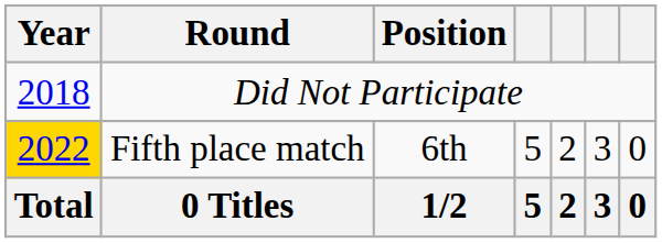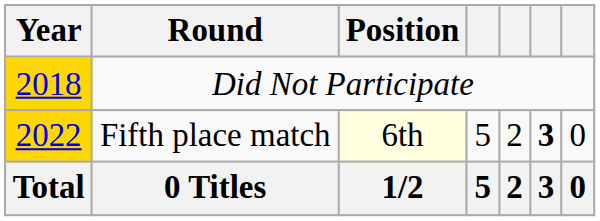 <table class="wikitable" style="text-align: center;">
 <tr>
 <th>Year</th>
 <th>Round</th>
 <th>Position</th>
 <th></th>
 <th></th>
 <th></th>
 <th></th>
 </tr>
 <tr>
-<td> <a href='#'>2018</a></td>
+<td style="background: gold;"> <a href='#'>2018</a></td>
 <td colspan="6"><em>Did Not Participate</em></td>
 </tr>
 <tr>
 <td style="background: gold;"> <a href='#'>2022</a></td>
 <td>Fifth place match</td>
-<td>6th</td>
+<td style="background: lightyellow;">6th</td>
 <td>5</td>
 <td>2</td>
-<td>3</td>
+<td><strong>3</strong></td>
 <td>0</td>
 </tr>
 <tr>
 <th>Total</th>
 <th>0 Titles</th>
 <th>1/2</th>
 <th>5</th>
 <th>2</th>
 <th>3</th>
 <th>0</th>
 </tr>
 </table>
